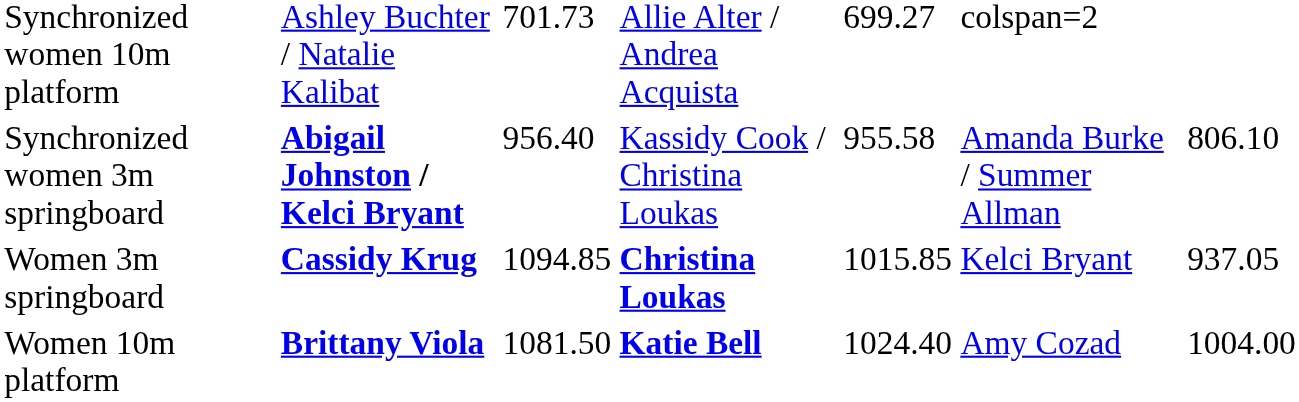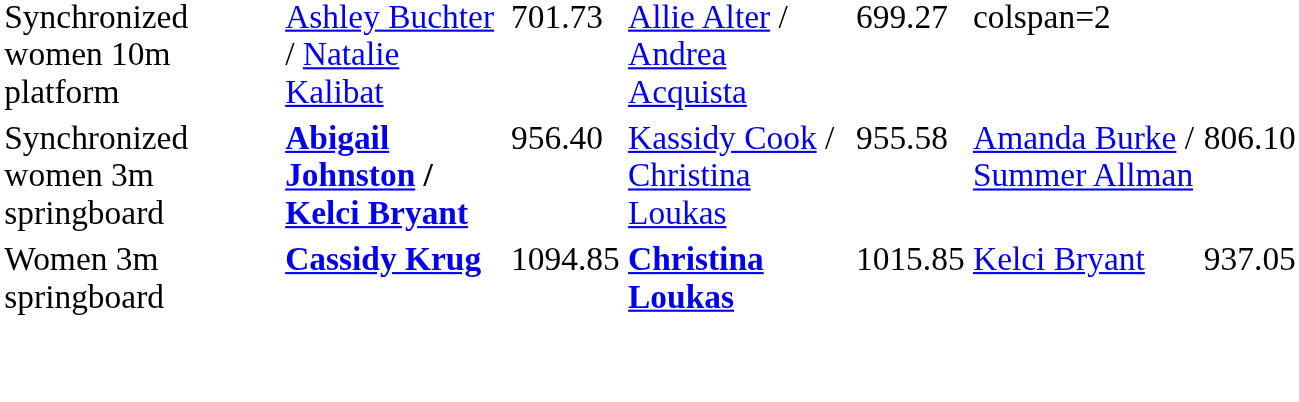 <table>
 <tr valign="top">
 <td>Synchronized women 10m platform</td>
 <td><a href='#'>Ashley Buchter</a> / <a href='#'>Natalie Kalibat</a></td>
 <td>701.73</td>
 <td><a href='#'>Allie Alter</a> / <a href='#'>Andrea Acquista</a></td>
 <td>699.27</td>
 <td>colspan=2 </td>
 </tr>
 <tr valign="top">
 <td>Synchronized women 3m springboard</td>
 <td><strong><a href='#'>Abigail Johnston</a> / <a href='#'>Kelci Bryant</a></strong></td>
 <td>956.40</td>
 <td><a href='#'>Kassidy Cook</a> / <a href='#'>Christina Loukas</a></td>
 <td>955.58</td>
 <td><a href='#'>Amanda Burke</a> / <a href='#'>Summer Allman</a></td>
 <td>806.10</td>
 </tr>
 <tr valign="top">
 <td>Women 3m springboard</td>
 <td><strong><a href='#'>Cassidy Krug</a></strong></td>
 <td>1094.85</td>
 <td><strong><a href='#'>Christina Loukas</a></strong></td>
 <td>1015.85</td>
 <td><a href='#'>Kelci Bryant</a></td>
 <td>937.05</td>
 </tr>
-<tr valign="top">
-<td>Women 10m platform</td>
-<td><strong><a href='#'>Brittany Viola</a></strong></td>
-<td>1081.50</td>
-<td><strong><a href='#'>Katie Bell</a></strong></td>
-<td>1024.40</td>
-<td><a href='#'>Amy Cozad</a></td>
-<td>1004.00</td>
-</tr>
 </table>
